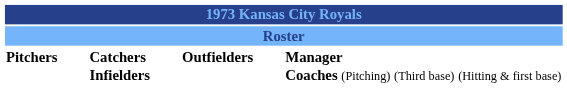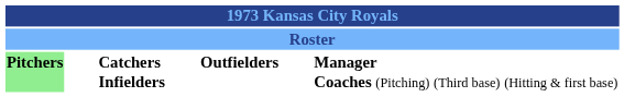 <table class="toccolours" style="font-size: 95%;">
 <tr>
 <th colspan="10" style="background-color: #27408B; color: #74B4FA; text-align: center;">1973 Kansas City Royals</th>
 </tr>
 <tr>
 <td colspan="10" style="background-color: #74B4FA; color: #27408B; text-align: center;"><strong>Roster</strong></td>
 </tr>
 <tr>
-<td valign="top"><strong>Pitchers</strong><br>               </td>
+<td valign="top" style="background: lightgreen;"><strong>Pitchers</strong><br>               </td>
 <td width="25px"></td>
 <td valign="top"><strong>Catchers</strong><br>    <strong>Infielders</strong>          </td>
 <td width="25px"></td>
 <td valign="top"><strong>Outfielders</strong><br>        </td>
 <td width="25px"></td>
 <td valign="top"><strong>Manager</strong><br> <strong>Coaches</strong>  <small>(Pitching)</small>  <small>(Third base)</small>  <small>(Hitting & first base)</small></td>
 </tr>
 <tr>
 </tr>
 </table>
